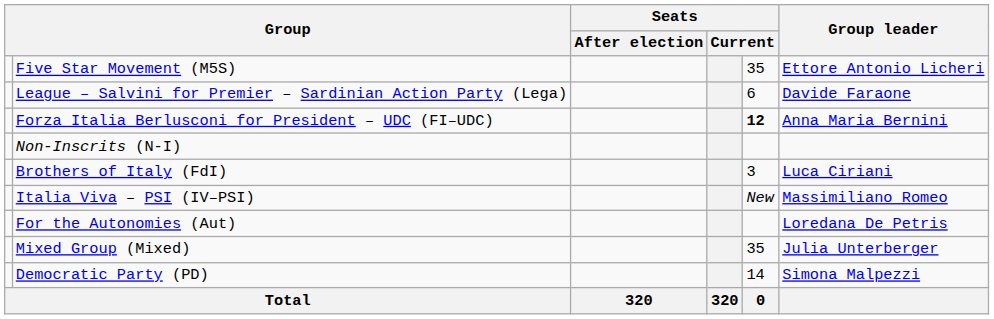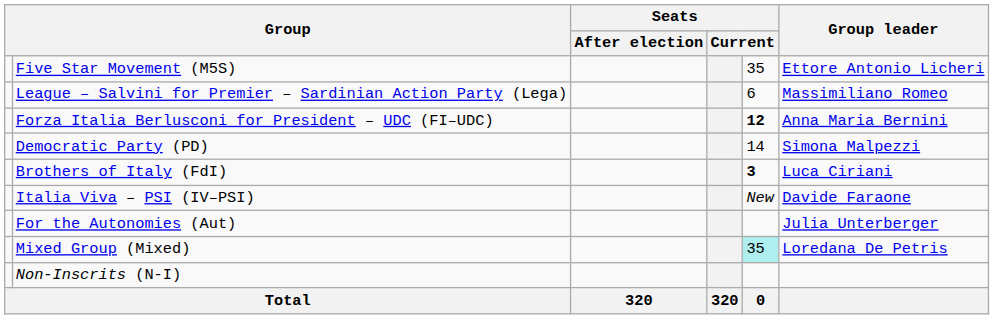 <table class="wikitable" style="text-align:right; font-size:90%;">
 <tr align=left>
 <th colspan="2" rowspan="2">Group</th>
 <th colspan="3">Seats</th>
 <th rowspan="2">Group leader</th>
 </tr>
 <tr align=left>
 <th>After election</th>
 <th colspan="2">Current</th>
 </tr>
 <tr>
 <td style="background-color:"></td>
 <td align=left><a href='#'>Five Star Movement</a> (M5S)</td>
 <td></td>
 <th></th>
 <td align=left> 35</td>
 <td align=left><a href='#'>Ettore Antonio Licheri</a></td>
 </tr>
 <tr>
 <td style="background-color:"></td>
 <td align=left><a href='#'>League – Salvini for Premier</a> – <a href='#'>Sardinian Action Party</a> (Lega)</td>
 <td></td>
 <th></th>
 <td align=left> 6</td>
-<td align=left><a href='#'>Davide Faraone</a></td>
+<td align=left><a href='#'>Massimiliano Romeo</a></td>
 </tr>
 <tr>
 <td style="background-color:"></td>
 <td align=left><a href='#'>Forza Italia Berlusconi for President</a> – <a href='#'>UDC</a> (FI–UDC)</td>
 <td></td>
 <th></th>
 <td align=left><strong> 12</strong></td>
 <td align=left><a href='#'>Anna Maria Bernini</a></td>
 </tr>
 <tr>
 <td style="background-color:"></td>
-<td align=left><em>Non-Inscrits</em> (N-I)</td>
+<td align=left><a href='#'>Democratic Party</a> (PD)</td>
 <td></td>
 <th></th>
-<td align=left></td>
-<td></td>
+<td align=left> 14</td>
+<td align=left><a href='#'>Simona Malpezzi</a></td>
 </tr>
 <tr>
 <td style="background-color:"></td>
 <td align=left><a href='#'>Brothers of Italy</a> (FdI)</td>
 <td></td>
 <th></th>
-<td align=left> 3</td>
+<td align=left><strong> 3</strong></td>
 <td align=left><a href='#'>Luca Ciriani</a></td>
 </tr>
 <tr>
 <td style="background-color:"></td>
 <td align=left><a href='#'>Italia Viva</a> – <a href='#'>PSI</a> (IV–PSI)</td>
 <td></td>
 <th></th>
 <td align=left><em>New</em></td>
-<td align=left><a href='#'>Massimiliano Romeo</a></td>
+<td align=left><a href='#'>Davide Faraone</a></td>
 </tr>
 <tr>
 <td style="background-color:"></td>
 <td align=left><a href='#'>For the Autonomies</a> (Aut)</td>
 <td></td>
 <th></th>
 <td align=left></td>
-<td align=left><a href='#'>Loredana De Petris</a></td>
+<td align=left><a href='#'>Julia Unterberger</a></td>
 </tr>
 <tr>
 <td style="background-color:"></td>
 <td align=left><a href='#'>Mixed Group</a> (Mixed)</td>
 <td></td>
 <th></th>
-<td align=left> 35</td>
-<td align=left><a href='#'>Julia Unterberger</a></td>
+<td align=left style="background: paleturquoise;"> 35</td>
+<td align=left><a href='#'>Loredana De Petris</a></td>
 </tr>
 <tr>
 <td style="background-color:"></td>
-<td align=left><a href='#'>Democratic Party</a> (PD)</td>
+<td align=left><em>Non-Inscrits</em> (N-I)</td>
 <td></td>
 <th></th>
-<td align=left> 14</td>
-<td align=left><a href='#'>Simona Malpezzi</a></td>
+<td align=left></td>
+<td></td>
 </tr>
 <tr>
 <th align=left colspan="2">Total</th>
 <th>320</th>
 <th>320</th>
 <th align=left> 0</th>
 <th></th>
 </tr>
 </table>
